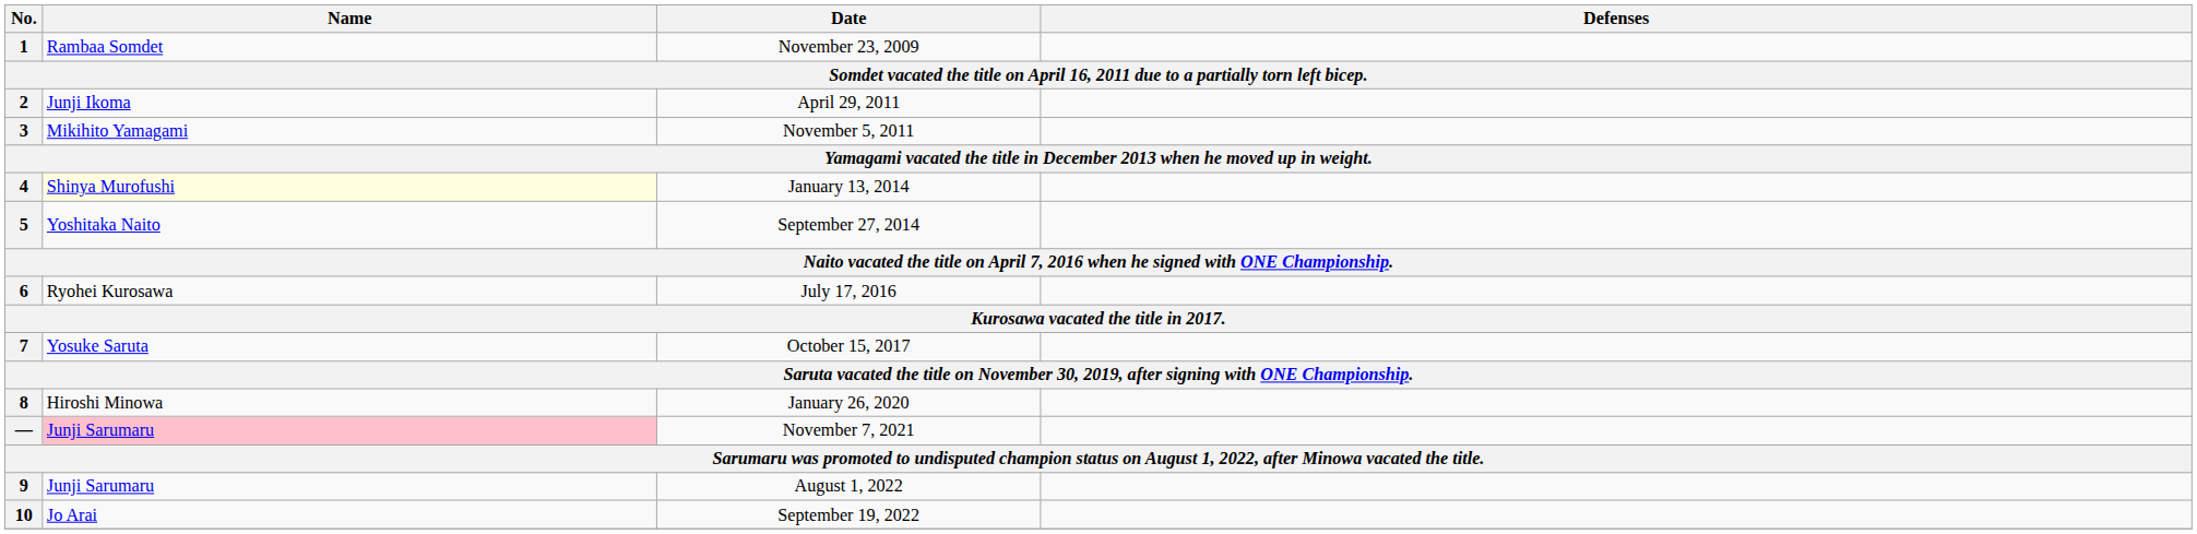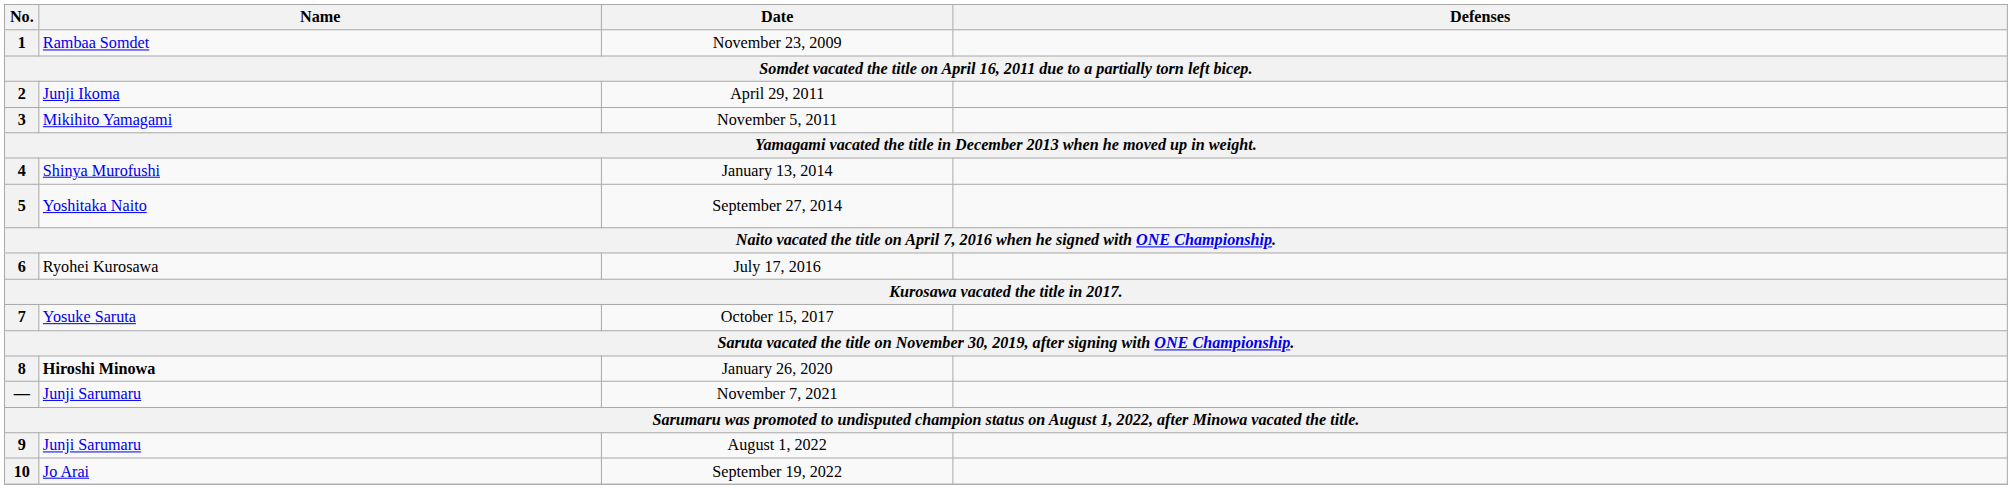 <table class="wikitable" width=100%>
 <tr>
 <th width=1%>No.</th>
 <th width=24%>Name</th>
 <th width=15%>Date</th>
 <th width=45%>Defenses</th>
 </tr>
 <tr>
 <th>1</th>
 <td> <a href='#'>Rambaa Somdet</a><br></td>
 <td align=center>November 23, 2009</td>
 <td></td>
 </tr>
 <tr>
 <th colspan=4 align=center><em>Somdet vacated the title on April 16, 2011 due to a partially torn left bicep.</em></th>
 </tr>
 <tr>
 <th>2</th>
 <td> <a href='#'>Junji Ikoma</a><br></td>
 <td align=center>April 29, 2011</td>
 <td></td>
 </tr>
 <tr>
 <th>3</th>
 <td> <a href='#'>Mikihito Yamagami</a></td>
 <td align=center>November 5, 2011</td>
 <td></td>
 </tr>
 <tr>
 <th colspan=4 align=center><em>Yamagami vacated the title in December 2013 when he moved up in weight.</em></th>
 </tr>
 <tr>
 <th>4</th>
-<td style="background: lightyellow;"> <a href='#'>Shinya Murofushi</a><br></td>
+<td> <a href='#'>Shinya Murofushi</a><br></td>
 <td align=center>January 13, 2014</td>
 <td></td>
 </tr>
 <tr>
 <th>5</th>
 <td> <a href='#'>Yoshitaka Naito</a></td>
 <td align=center>September 27, 2014</td>
 <td><br><br> </td>
 </tr>
 <tr>
 <th colspan=4 align=center><em>Naito vacated the title on April 7, 2016 when he signed with <a href='#'>ONE Championship</a>.</em></th>
 </tr>
 <tr>
 <th>6</th>
 <td> Ryohei Kurosawa<br></td>
 <td align=center>July 17, 2016</td>
 <td></td>
 </tr>
 <tr>
 <th colspan=4 align=center><em>Kurosawa vacated the title in 2017.</em></th>
 </tr>
 <tr>
 <th>7</th>
 <td> <a href='#'>Yosuke Saruta</a><br></td>
 <td align=center>October 15, 2017</td>
 <td></td>
 </tr>
 <tr>
 <th colspan=4 align=center><em>Saruta vacated the title on November 30, 2019, after signing with <a href='#'>ONE Championship</a>.</em></th>
 </tr>
 <tr>
 <th>8</th>
-<td> Hiroshi Minowa<br></td>
+<td><strong> Hiroshi Minowa<br></strong></td>
 <td align=center>January 26, 2020</td>
 <td></td>
 </tr>
 <tr>
 <th>—</th>
-<td style="background: pink;"> <a href='#'>Junji Sarumaru</a><br></td>
+<td> <a href='#'>Junji Sarumaru</a><br></td>
 <td align=center>November 7, 2021</td>
 <td></td>
 </tr>
 <tr>
 <th colspan=4 align=center><em>Sarumaru was promoted to undisputed champion status on August 1, 2022, after Minowa vacated the title.</em></th>
 </tr>
 <tr>
 <th>9</th>
 <td> <a href='#'>Junji Sarumaru</a><br></td>
 <td align=center>August 1, 2022</td>
 <td></td>
 </tr>
 <tr>
 <th>10</th>
 <td align=left> <a href='#'>Jo Arai</a> <br></td>
 <td align=center>September 19, 2022</td>
 <td></td>
 </tr>
 <tr>
 </tr>
 </table>
